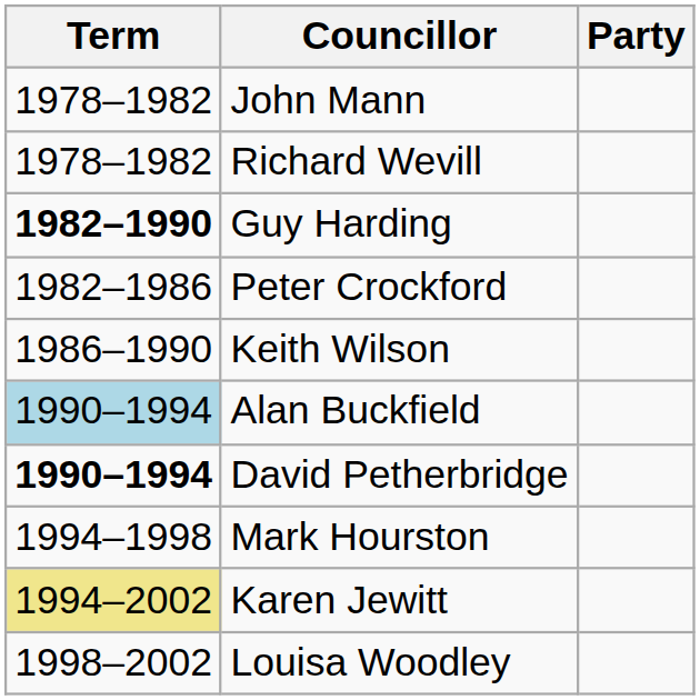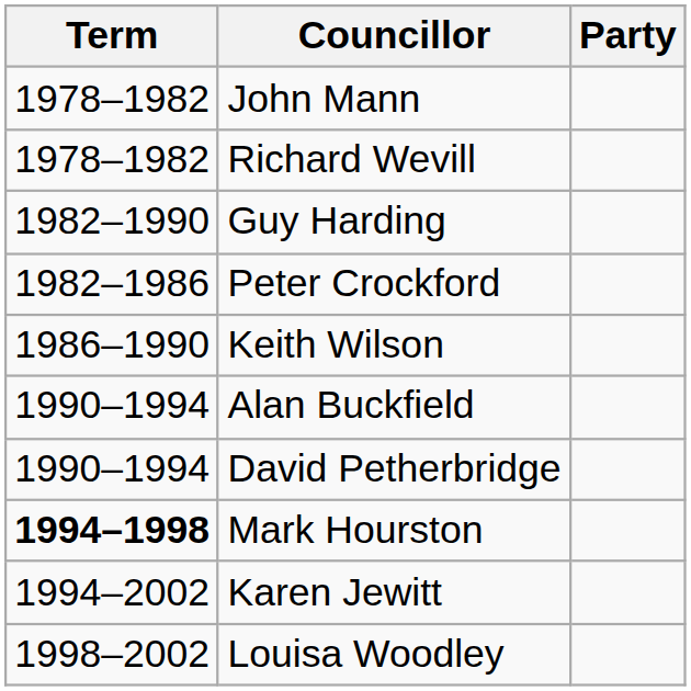 <table class="wikitable">
 <tr>
 <th>Term</th>
 <th>Councillor</th>
 <th colspan=2>Party</th>
 </tr>
 <tr>
 <td>1978–1982</td>
 <td>John Mann</td>
 <td></td>
 </tr>
 <tr>
 <td>1978–1982</td>
 <td>Richard Wevill</td>
 <td></td>
 </tr>
 <tr>
-<td><strong>1982–1990</strong></td>
+<td>1982–1990</td>
 <td>Guy Harding</td>
 <td></td>
 </tr>
 <tr>
 <td>1982–1986</td>
 <td>Peter Crockford</td>
 <td></td>
 </tr>
 <tr>
 <td>1986–1990</td>
 <td>Keith Wilson</td>
 <td></td>
 </tr>
 <tr>
-<td style="background: lightblue;">1990–1994</td>
+<td>1990–1994</td>
 <td>Alan Buckfield</td>
 <td></td>
 </tr>
 <tr>
-<td><strong>1990–1994</strong></td>
+<td>1990–1994</td>
 <td>David Petherbridge</td>
 <td></td>
 </tr>
 <tr>
-<td>1994–1998</td>
+<td><strong>1994–1998</strong></td>
 <td>Mark Hourston</td>
 <td></td>
 </tr>
 <tr>
-<td style="background: khaki;">1994–2002</td>
+<td>1994–2002</td>
 <td>Karen Jewitt</td>
 <td></td>
 </tr>
 <tr>
 <td>1998–2002</td>
 <td>Louisa Woodley</td>
 <td></td>
 </tr>
 </table>
